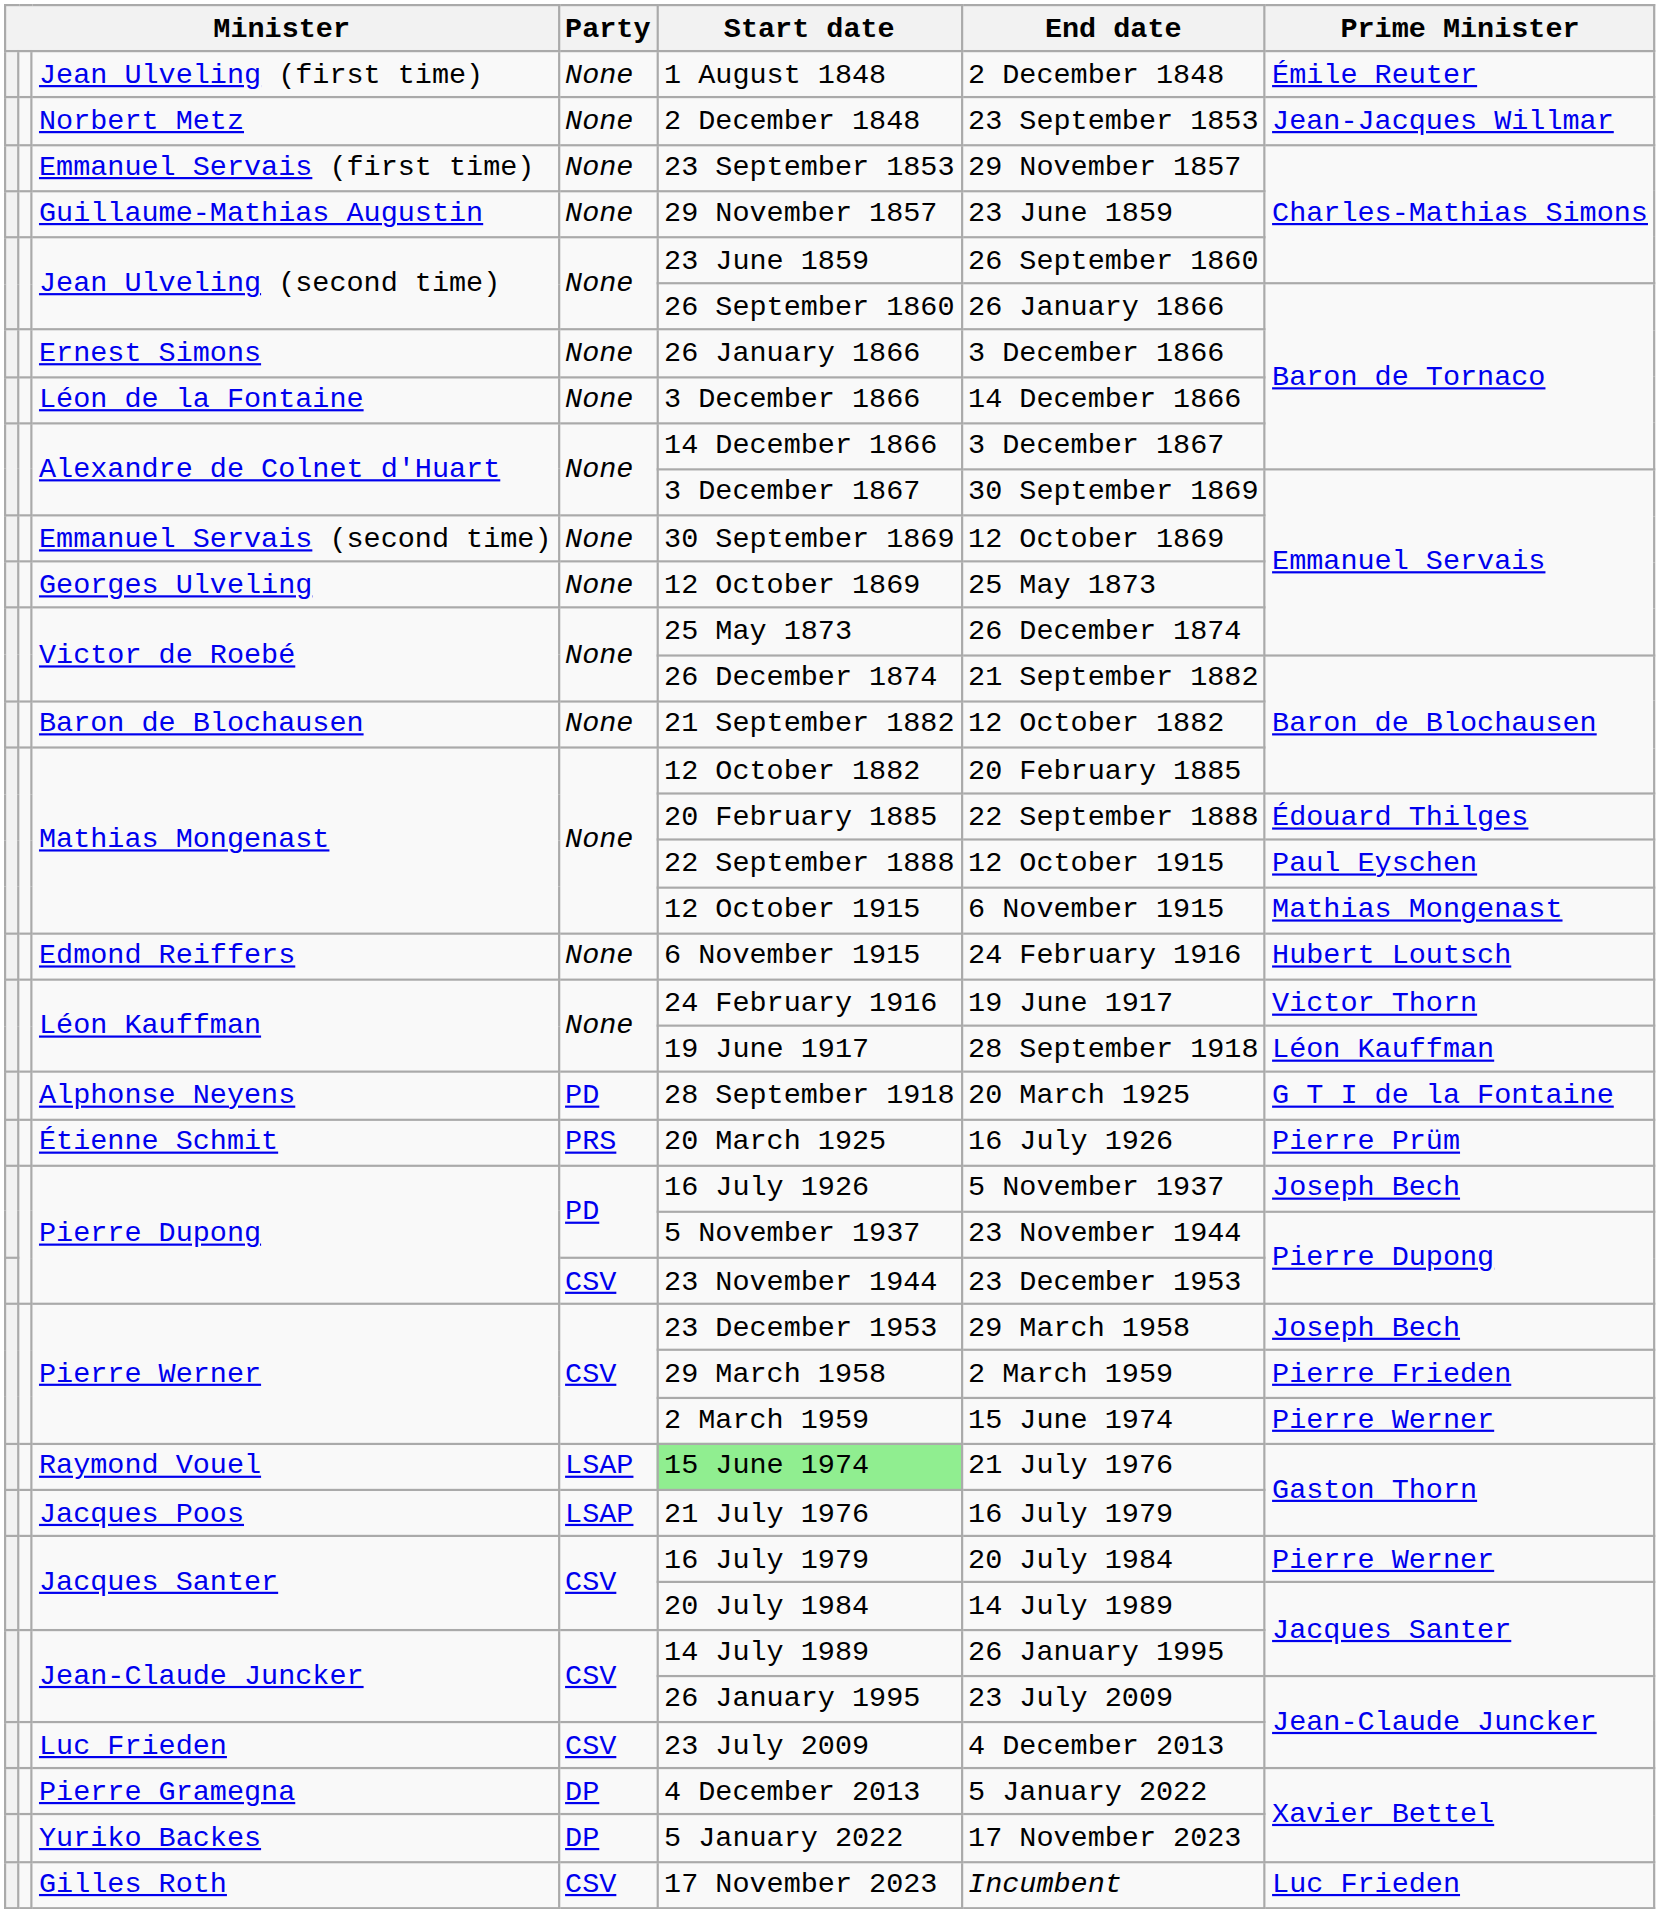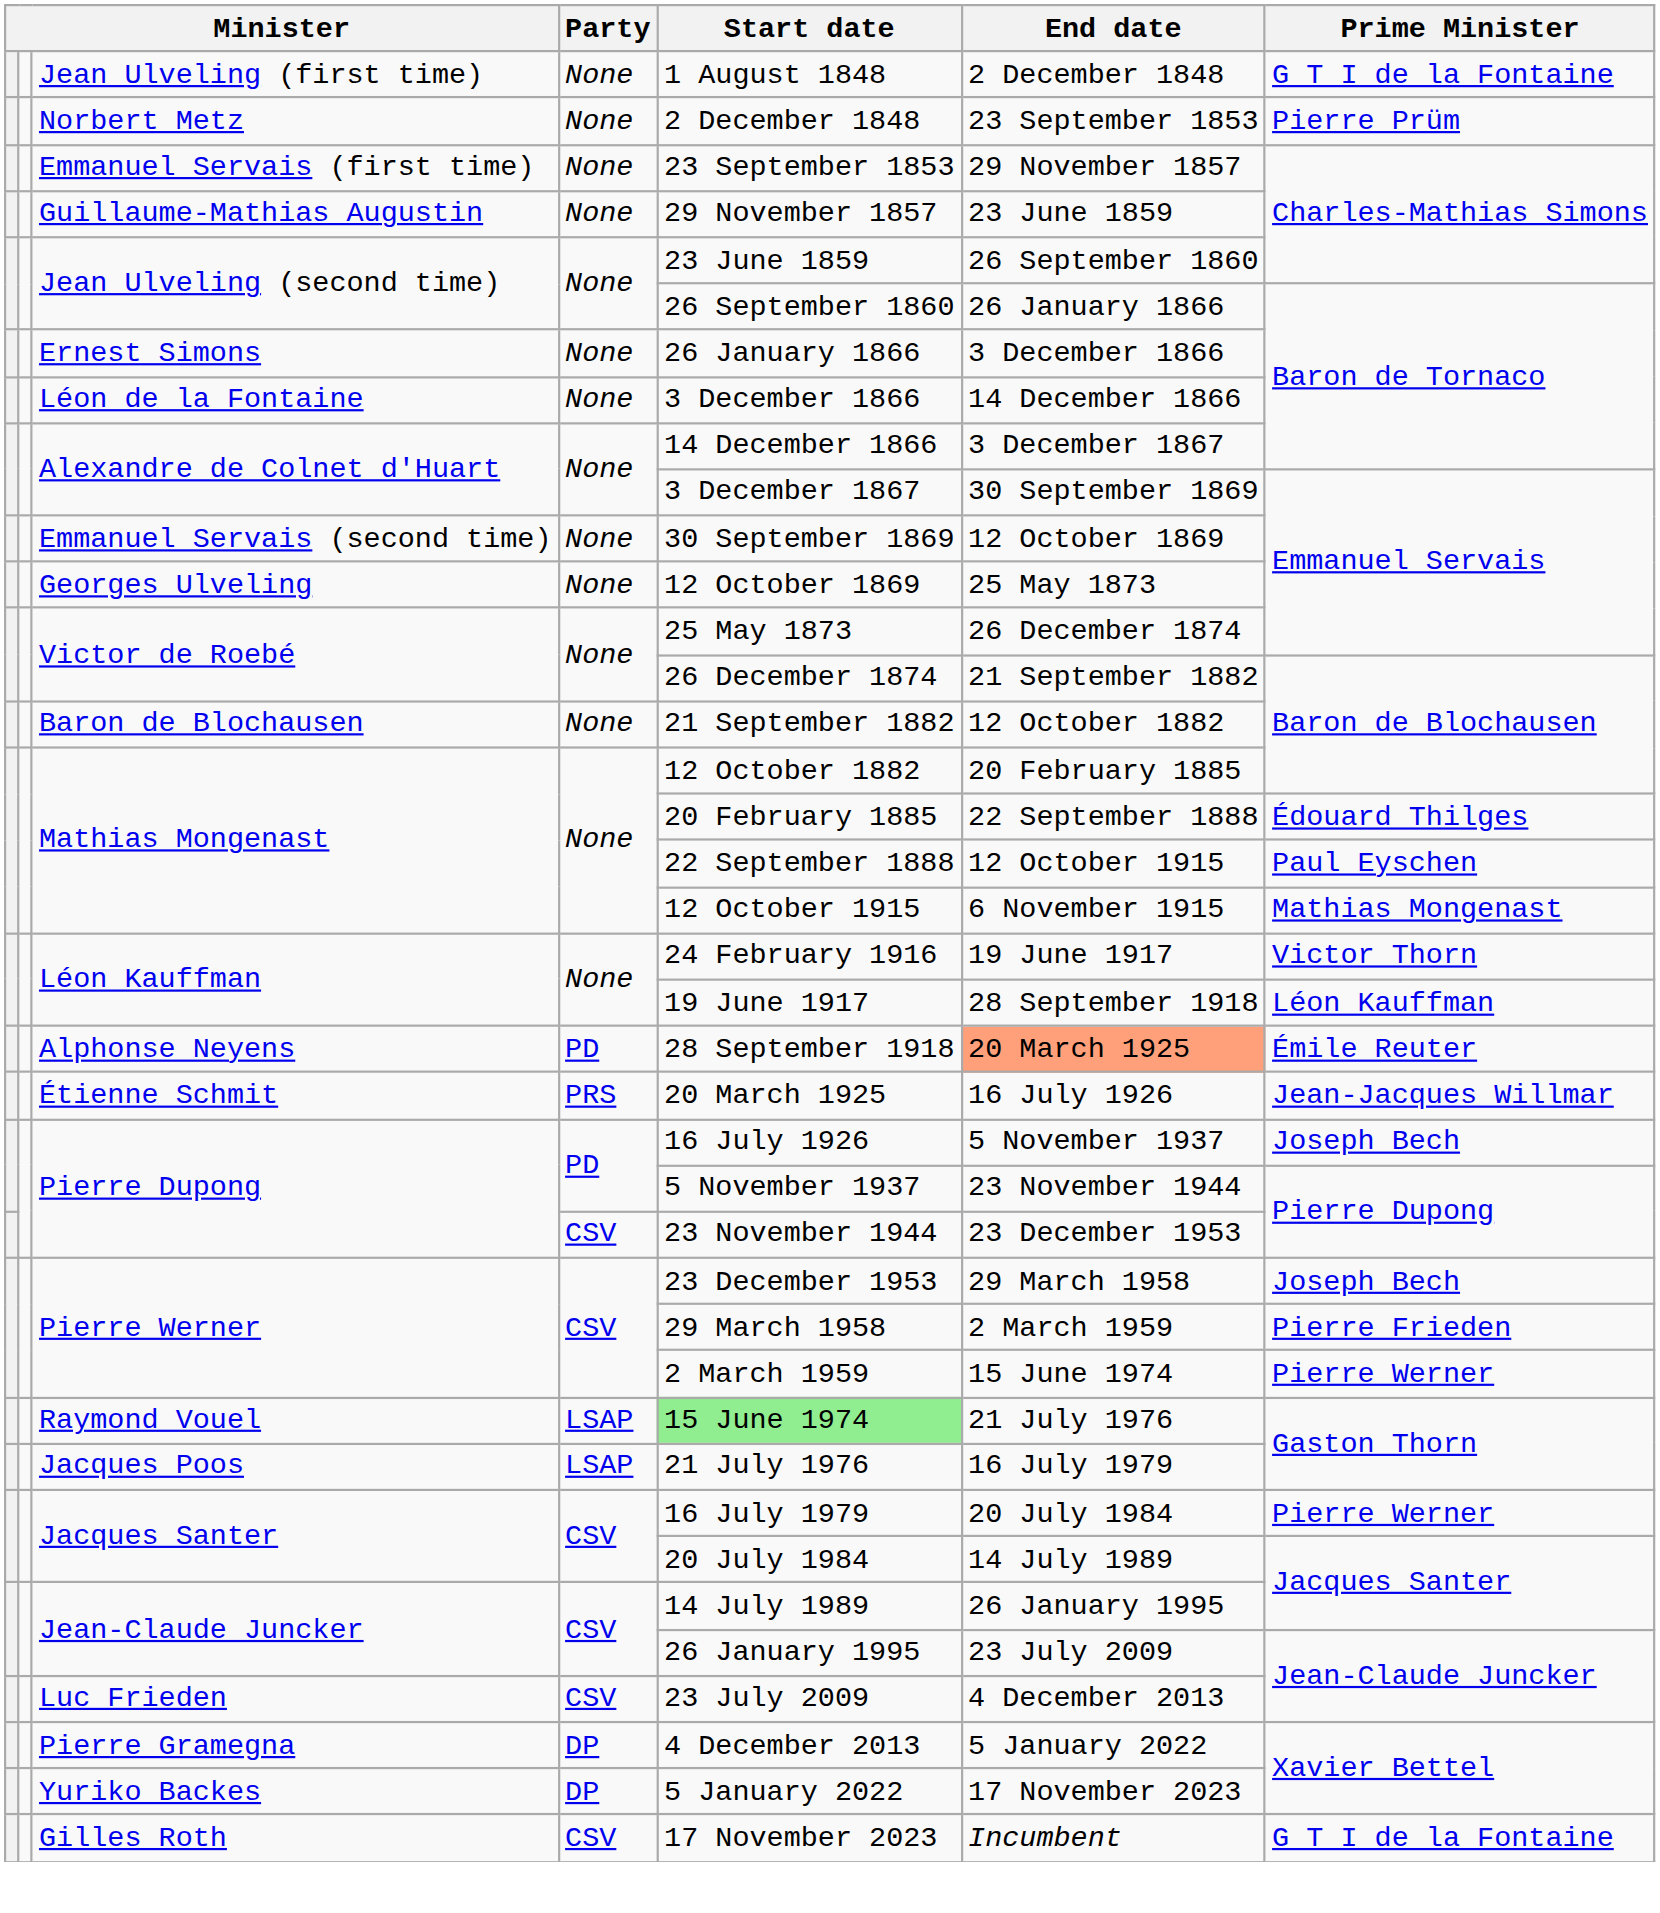 <table class="wikitable">
 <tr style="background: #efefef;">
 <th colspan=3>Minister</th>
 <th>Party</th>
 <th>Start date</th>
 <th>End date</th>
 <th>Prime Minister</th>
 </tr>
 <tr>
 <th></th>
 <td></td>
 <td><a href='#'>Jean Ulveling</a> (first time)</td>
 <td><em>None</em></td>
 <td>1 August 1848</td>
 <td>2 December 1848</td>
-<td><a href='#'>Émile Reuter</a></td>
+<td><a href='#'>G T I de la Fontaine</a></td>
 </tr>
 <tr>
 <th></th>
 <td></td>
 <td><a href='#'>Norbert Metz</a></td>
 <td><em>None</em></td>
 <td>2 December 1848</td>
 <td>23 September 1853</td>
-<td><a href='#'>Jean-Jacques Willmar</a></td>
+<td><a href='#'>Pierre Prüm</a></td>
 </tr>
 <tr>
 <th></th>
 <td></td>
 <td><a href='#'>Emmanuel Servais</a> (first time)</td>
 <td><em>None</em></td>
 <td>23 September 1853</td>
 <td>29 November 1857</td>
 <td rowspan=3><a href='#'>Charles-Mathias Simons</a></td>
 </tr>
 <tr>
 <th></th>
 <td></td>
 <td><a href='#'>Guillaume-Mathias Augustin</a></td>
 <td><em>None</em></td>
 <td>29 November 1857</td>
 <td>23 June 1859</td>
 </tr>
 <tr>
 <th rowspan=2></th>
 <td rowspan=2></td>
 <td rowspan=2><a href='#'>Jean Ulveling</a> (second time)</td>
 <td rowspan=2><em>None</em></td>
 <td>23 June 1859</td>
 <td>26 September 1860</td>
 </tr>
 <tr>
 <td>26 September 1860</td>
 <td>26 January 1866</td>
 <td rowspan=4><a href='#'>Baron de Tornaco</a></td>
 </tr>
 <tr>
 <th></th>
 <td></td>
 <td><a href='#'>Ernest Simons</a></td>
 <td><em>None</em></td>
 <td>26 January 1866</td>
 <td>3 December 1866</td>
 </tr>
 <tr>
 <th></th>
 <td></td>
 <td><a href='#'>Léon de la Fontaine</a></td>
 <td><em>None</em></td>
 <td>3 December 1866</td>
 <td>14 December 1866</td>
 </tr>
 <tr>
 <th rowspan=2></th>
 <td rowspan=2></td>
 <td rowspan=2><a href='#'>Alexandre de Colnet d'Huart</a></td>
 <td rowspan=2><em>None</em></td>
 <td>14 December 1866</td>
 <td>3 December 1867</td>
 </tr>
 <tr>
 <td>3 December 1867</td>
 <td>30 September 1869</td>
 <td rowspan=4><a href='#'>Emmanuel Servais</a></td>
 </tr>
 <tr>
 <th></th>
 <td></td>
 <td><a href='#'>Emmanuel Servais</a> (second time)</td>
 <td><em>None</em></td>
 <td>30 September 1869</td>
 <td>12 October 1869</td>
 </tr>
 <tr>
 <th></th>
 <td></td>
 <td><a href='#'>Georges Ulveling</a></td>
 <td><em>None</em></td>
 <td>12 October 1869</td>
 <td>25 May 1873</td>
 </tr>
 <tr>
 <th rowspan=2></th>
 <td rowspan=2></td>
 <td rowspan=2><a href='#'>Victor de Roebé</a></td>
 <td rowspan=2><em>None</em></td>
 <td>25 May 1873</td>
 <td>26 December 1874</td>
 </tr>
 <tr>
 <td>26 December 1874</td>
 <td>21 September 1882</td>
 <td rowspan=3><a href='#'>Baron de Blochausen</a></td>
 </tr>
 <tr>
 <th></th>
 <td></td>
 <td><a href='#'>Baron de Blochausen</a></td>
 <td><em>None</em></td>
 <td>21 September 1882</td>
 <td>12 October 1882</td>
 </tr>
 <tr>
 <th rowspan=4></th>
 <td rowspan=4></td>
 <td rowspan=4><a href='#'>Mathias Mongenast</a></td>
 <td rowspan=4><em>None</em></td>
 <td>12 October 1882</td>
 <td>20 February 1885</td>
 </tr>
 <tr>
 <td>20 February 1885</td>
 <td>22 September 1888</td>
 <td><a href='#'>Édouard Thilges</a></td>
 </tr>
 <tr>
 <td>22 September 1888</td>
 <td>12 October 1915</td>
 <td><a href='#'>Paul Eyschen</a></td>
 </tr>
 <tr>
 <td>12 October 1915</td>
 <td>6 November 1915</td>
 <td><a href='#'>Mathias Mongenast</a></td>
 </tr>
 <tr>
-<th></th>
-<td></td>
-<td><a href='#'>Edmond Reiffers</a></td>
-<td><em>None</em></td>
-<td>6 November 1915</td>
-<td>24 February 1916</td>
-<td><a href='#'>Hubert Loutsch</a></td>
-</tr>
-<tr>
 <th rowspan=2></th>
 <td rowspan=2></td>
 <td rowspan=2><a href='#'>Léon Kauffman</a></td>
 <td rowspan=2><em>None</em></td>
 <td>24 February 1916</td>
 <td>19 June 1917</td>
 <td><a href='#'>Victor Thorn</a></td>
 </tr>
 <tr>
 <td>19 June 1917</td>
 <td>28 September 1918</td>
 <td><a href='#'>Léon Kauffman</a></td>
 </tr>
 <tr>
 <th style="background-color: "></th>
 <td></td>
 <td><a href='#'>Alphonse Neyens</a></td>
 <td><a href='#'>PD</a></td>
 <td>28 September 1918</td>
-<td>20 March 1925</td>
-<td><a href='#'>G T I de la Fontaine</a></td>
+<td style="background: lightsalmon;">20 March 1925</td>
+<td><a href='#'>Émile Reuter</a></td>
 </tr>
 <tr>
 <th style="background-color: "></th>
 <td></td>
 <td><a href='#'>Étienne Schmit</a></td>
 <td><a href='#'>PRS</a></td>
 <td>20 March 1925</td>
 <td>16 July 1926</td>
-<td><a href='#'>Pierre Prüm</a></td>
+<td><a href='#'>Jean-Jacques Willmar</a></td>
 </tr>
 <tr>
 <th rowspan=2 style="background-color: "></th>
 <td rowspan=3></td>
 <td rowspan=3><a href='#'>Pierre Dupong</a></td>
 <td rowspan=2><a href='#'>PD</a></td>
 <td>16 July 1926</td>
 <td>5 November 1937</td>
 <td><a href='#'>Joseph Bech</a></td>
 </tr>
 <tr>
 <td>5 November 1937</td>
 <td>23 November 1944</td>
 <td rowspan=2><a href='#'>Pierre Dupong</a></td>
 </tr>
 <tr>
 <th style="background-color: "></th>
 <td><a href='#'>CSV</a></td>
 <td>23 November 1944</td>
 <td>23 December 1953</td>
 </tr>
 <tr>
 <th rowspan=3 style="background-color: "></th>
 <td rowspan=3></td>
 <td rowspan=3><a href='#'>Pierre Werner</a></td>
 <td rowspan=3><a href='#'>CSV</a></td>
 <td>23 December 1953</td>
 <td>29 March 1958</td>
 <td><a href='#'>Joseph Bech</a></td>
 </tr>
 <tr>
 <td>29 March 1958</td>
 <td>2 March 1959</td>
 <td><a href='#'>Pierre Frieden</a></td>
 </tr>
 <tr>
 <td>2 March 1959</td>
 <td>15 June 1974</td>
 <td><a href='#'>Pierre Werner</a></td>
 </tr>
 <tr>
 <th style="background-color: "></th>
 <td></td>
 <td><a href='#'>Raymond Vouel</a></td>
 <td><a href='#'>LSAP</a></td>
 <td style="background: lightgreen;">15 June 1974</td>
 <td>21 July 1976</td>
 <td rowspan=2><a href='#'>Gaston Thorn</a></td>
 </tr>
 <tr>
 <th style="background-color: "></th>
 <td></td>
 <td><a href='#'>Jacques Poos</a></td>
 <td><a href='#'>LSAP</a></td>
 <td>21 July 1976</td>
 <td>16 July 1979</td>
 </tr>
 <tr>
 <th rowspan=2 style="background-color: "></th>
 <td rowspan=2></td>
 <td rowspan=2><a href='#'>Jacques Santer</a></td>
 <td rowspan=2><a href='#'>CSV</a></td>
 <td>16 July 1979</td>
 <td>20 July 1984</td>
 <td><a href='#'>Pierre Werner</a></td>
 </tr>
 <tr>
 <td>20 July 1984</td>
 <td>14 July 1989</td>
 <td rowspan=2><a href='#'>Jacques Santer</a></td>
 </tr>
 <tr>
 <th rowspan=2 style="background-color: "></th>
 <td rowspan=2></td>
 <td rowspan=2><a href='#'>Jean-Claude Juncker</a></td>
 <td rowspan=2><a href='#'>CSV</a></td>
 <td>14 July 1989</td>
 <td>26 January 1995</td>
 </tr>
 <tr>
 <td>26 January 1995</td>
 <td>23 July 2009</td>
 <td rowspan=2><a href='#'>Jean-Claude Juncker</a></td>
 </tr>
 <tr>
 <th style="background-color: "></th>
 <td></td>
 <td><a href='#'>Luc Frieden</a></td>
 <td><a href='#'>CSV</a></td>
 <td>23 July 2009</td>
 <td>4 December 2013</td>
 </tr>
 <tr>
 <th style="background-color: "></th>
 <td></td>
 <td><a href='#'>Pierre Gramegna</a></td>
 <td><a href='#'>DP</a></td>
 <td>4 December 2013</td>
 <td>5 January 2022</td>
 <td rowspan=2><a href='#'>Xavier Bettel</a></td>
 </tr>
 <tr>
 <th style="background-color: "></th>
 <td></td>
 <td><a href='#'>Yuriko Backes</a></td>
 <td><a href='#'>DP</a></td>
 <td>5 January 2022</td>
 <td>17 November 2023</td>
 </tr>
 <tr>
 <th style="background-color: "></th>
 <td></td>
 <td><a href='#'>Gilles Roth</a></td>
 <td><a href='#'>CSV</a></td>
 <td>17 November 2023</td>
 <td><em>Incumbent</em></td>
-<td><a href='#'>Luc Frieden</a></td>
+<td><a href='#'>G T I de la Fontaine</a></td>
 </tr>
 </table>
